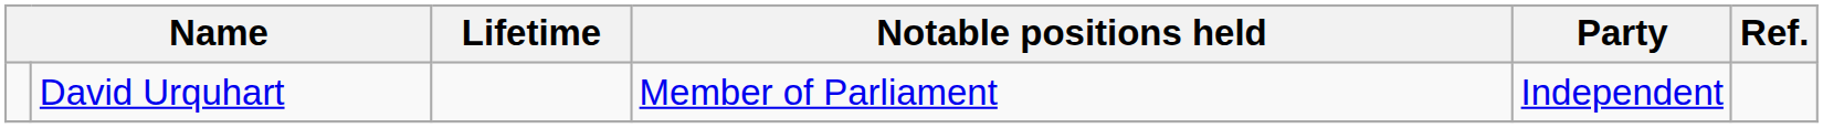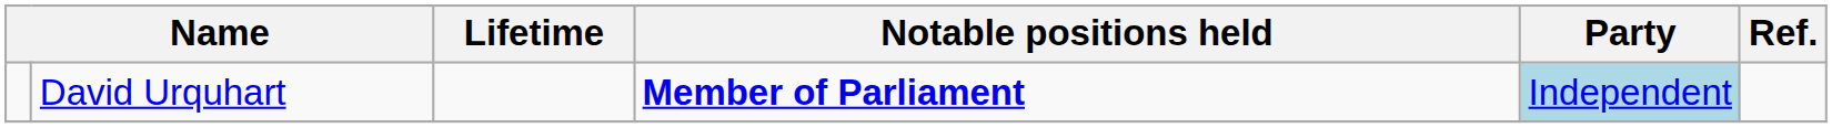 <table class="wikitable sortable">
 <tr>
 <th colspan=2 width=180>Name</th>
 <th width=80>Lifetime</th>
 <th width=380>Notable positions held</th>
 <th width=80>Party</th>
 <th class=unsortable>Ref.</th>
 </tr>
 <tr valign="top">
 <td style="color:inherit;background:"></td>
 <td data-sort-value="Urquhart"><a href='#'>David Urquhart</a></td>
 <td align="center"></td>
-<td><a href='#'>Member of Parliament</a></td>
-<td><a href='#'>Independent</a></td>
+<td><strong><a href='#'>Member of Parliament</a></strong></td>
+<td style="background: lightblue;"><a href='#'>Independent</a></td>
 <td align="center"></td>
 </tr>
 <tr>
 </tr>
 </table>
